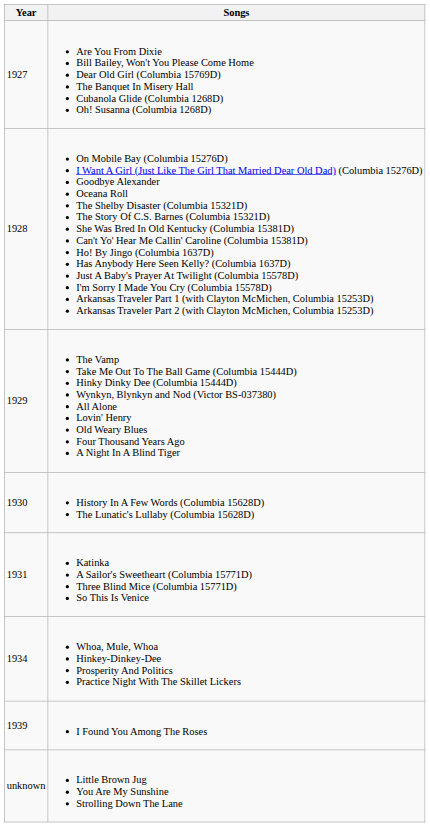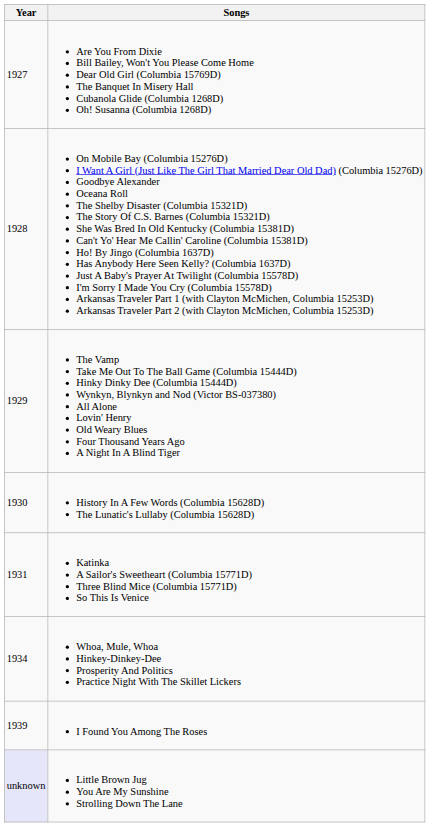 <table class="wikitable">
 <tr>
 <th>Year</th>
 <th>Songs</th>
 </tr>
 <tr>
 <td>1927</td>
 <td><br><ul><li>Are You From Dixie</li><li>Bill Bailey, Won't You Please Come Home</li><li>Dear Old Girl  (Columbia 15769D)</li><li>The Banquet In Misery Hall</li><li>Cubanola Glide  (Columbia 1268D)</li><li>Oh! Susanna  (Columbia 1268D)</li></ul></td>
 </tr>
 <tr>
 <td>1928</td>
 <td><br><ul><li>On Mobile Bay  (Columbia 15276D)</li><li><a href='#'>I Want A Girl (Just Like The Girl That Married Dear Old Dad)</a> (Columbia 15276D)</li><li>Goodbye Alexander</li><li>Oceana Roll</li><li>The Shelby Disaster  (Columbia 15321D)</li><li>The Story Of C.S. Barnes  (Columbia 15321D)</li><li>She Was Bred In Old Kentucky  (Columbia 15381D)</li><li>Can't Yo' Hear Me Callin' Caroline  (Columbia 15381D)</li><li>Ho! By Jingo  (Columbia 1637D)</li><li>Has Anybody Here Seen Kelly? (Columbia 1637D)</li><li>Just A Baby's Prayer At Twilight  (Columbia 15578D)</li><li>I'm Sorry I Made You Cry  (Columbia 15578D)</li><li>Arkansas Traveler Part 1  (with Clayton McMichen, Columbia 15253D)</li><li>Arkansas Traveler Part 2  (with Clayton McMichen, Columbia 15253D)</li></ul></td>
 </tr>
 <tr>
 <td>1929</td>
 <td><br><ul><li>The Vamp</li><li>Take Me Out To The Ball Game  (Columbia 15444D)</li><li>Hinky Dinky Dee  (Columbia 15444D)</li><li>Wynkyn, Blynkyn and Nod  (Victor	BS-037380)</li><li>All Alone</li><li>Lovin' Henry</li><li>Old Weary Blues</li><li>Four Thousand Years Ago</li><li>A Night In A Blind Tiger</li></ul></td>
 </tr>
 <tr>
 <td>1930</td>
 <td><br><ul><li>History In A Few Words  (Columbia 15628D)</li><li>The Lunatic's Lullaby  (Columbia 15628D)</li></ul></td>
 </tr>
 <tr>
 <td>1931</td>
 <td><br><ul><li>Katinka</li><li>A Sailor's Sweetheart  (Columbia 15771D)</li><li>Three Blind Mice  (Columbia 15771D)</li><li>So This Is Venice</li></ul></td>
 </tr>
 <tr>
 <td>1934</td>
 <td><br><ul><li>Whoa, Mule, Whoa</li><li>Hinkey-Dinkey-Dee</li><li>Prosperity And Politics</li><li>Practice Night With The Skillet Lickers</li></ul></td>
 </tr>
 <tr>
 <td>1939</td>
 <td><br><ul><li>I Found You Among The Roses</li></ul></td>
 </tr>
 <tr>
-<td>unknown</td>
+<td style="background: lavender;">unknown</td>
 <td><br><ul><li>Little Brown Jug</li><li>You Are My Sunshine</li><li>Strolling Down The Lane</li></ul></td>
 </tr>
 </table>
